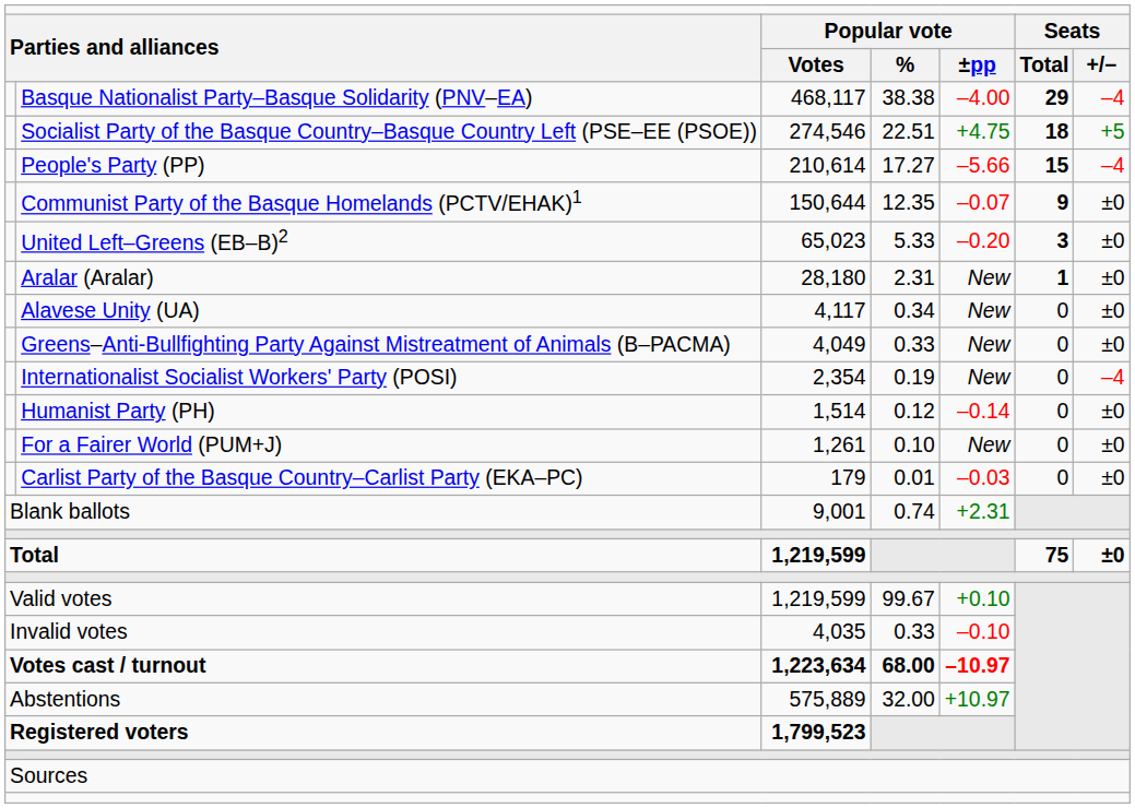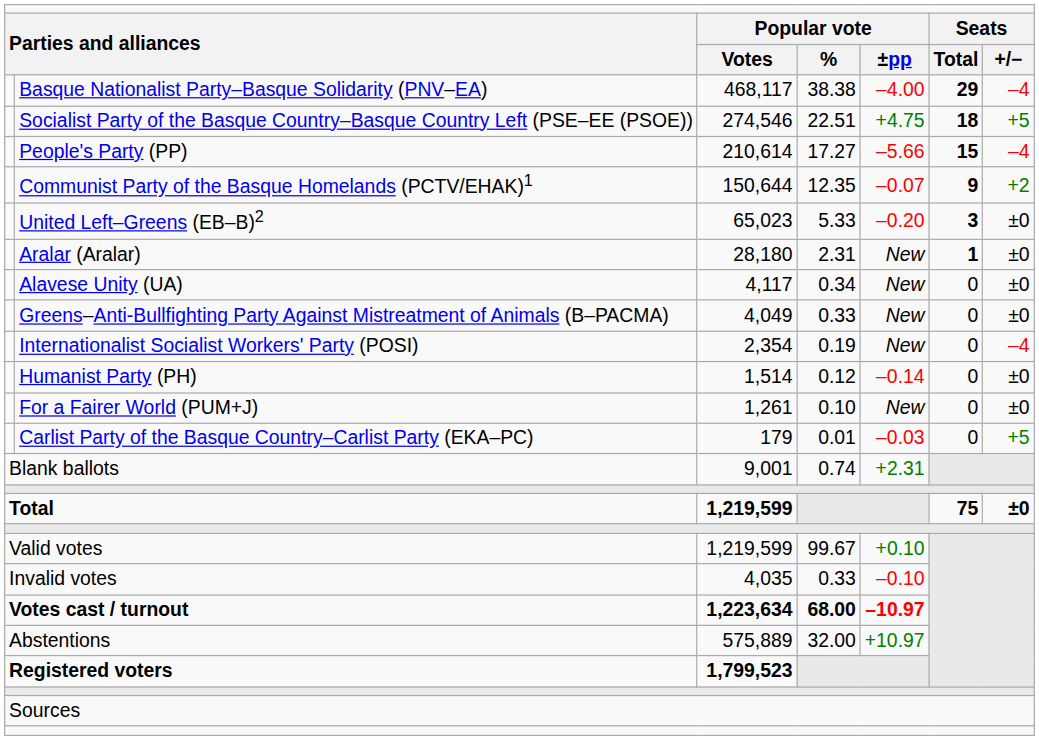 <table class="wikitable" style="text-align:right;">
 <tr>
 <td colspan="7"></td>
 </tr>
 <tr>
 <th style="text-align:left;" rowspan="2" colspan="2" width="525">Parties and alliances</th>
 <th colspan="3">Popular vote</th>
 <th colspan="2">Seats</th>
 </tr>
 <tr>
 <th width="75">Votes</th>
 <th width="45">%</th>
 <th width="45">±<a href='#'>pp</a></th>
 <th width="35">Total</th>
 <th width="35">+/−</th>
 </tr>
 <tr>
 <td width="1" style="color:inherit;background:"></td>
 <td align="left"><a href='#'>Basque Nationalist Party–Basque Solidarity</a> (<a href='#'>PNV</a>–<a href='#'>EA</a>)</td>
 <td>468,117</td>
 <td>38.38</td>
 <td style="color:red;">–4.00</td>
 <td><strong>29</strong></td>
 <td style="color:red;">–4</td>
 </tr>
 <tr>
 <td style="color:inherit;background:"></td>
 <td align="left"><a href='#'>Socialist Party of the Basque Country–Basque Country Left</a> (PSE–EE (PSOE))</td>
 <td>274,546</td>
 <td>22.51</td>
 <td style="color:green;">+4.75</td>
 <td><strong>18</strong></td>
 <td style="color:green;">+5</td>
 </tr>
 <tr>
 <td style="color:inherit;background:"></td>
 <td align="left"><a href='#'>People's Party</a> (PP)</td>
 <td>210,614</td>
 <td>17.27</td>
 <td style="color:red;">–5.66</td>
 <td><strong>15</strong></td>
 <td style="color:red;">–4</td>
 </tr>
 <tr>
 <td style="color:inherit;background:"></td>
 <td align="left"><a href='#'>Communist Party of the Basque Homelands</a> (PCTV/EHAK)<sup>1</sup></td>
 <td>150,644</td>
 <td>12.35</td>
 <td style="color:red;">–0.07</td>
 <td><strong>9</strong></td>
-<td>±0</td>
+<td style="color:green;">+2</td>
 </tr>
 <tr>
 <td style="color:inherit;background:"></td>
 <td align="left"><a href='#'>United Left–Greens</a> (EB–B)<sup>2</sup></td>
 <td>65,023</td>
 <td>5.33</td>
 <td style="color:red;">–0.20</td>
 <td><strong>3</strong></td>
 <td>±0</td>
 </tr>
 <tr>
 <td style="color:inherit;background:"></td>
 <td align="left"><a href='#'>Aralar</a> (Aralar)</td>
 <td>28,180</td>
 <td>2.31</td>
 <td><em>New</em></td>
 <td><strong>1</strong></td>
 <td>±0</td>
 </tr>
 <tr>
 <td style="color:inherit;background:"></td>
 <td align="left"><a href='#'>Alavese Unity</a> (UA)</td>
 <td>4,117</td>
 <td>0.34</td>
 <td><em>New</em></td>
 <td>0</td>
 <td>±0</td>
 </tr>
 <tr>
 <td style="color:inherit;background:"></td>
 <td align="left"><a href='#'>Greens</a>–<a href='#'>Anti-Bullfighting Party Against Mistreatment of Animals</a> (B–PACMA)</td>
 <td>4,049</td>
 <td>0.33</td>
 <td><em>New</em></td>
 <td>0</td>
 <td>±0</td>
 </tr>
 <tr>
 <td style="color:inherit;background:"></td>
 <td align="left"><a href='#'>Internationalist Socialist Workers' Party</a> (POSI)</td>
 <td>2,354</td>
 <td>0.19</td>
 <td><em>New</em></td>
 <td>0</td>
 <td style="color:red;">–4</td>
 </tr>
 <tr>
 <td style="color:inherit;background:"></td>
 <td align="left"><a href='#'>Humanist Party</a> (PH)</td>
 <td>1,514</td>
 <td>0.12</td>
 <td style="color:red;">–0.14</td>
 <td>0</td>
 <td>±0</td>
 </tr>
 <tr>
 <td style="color:inherit;background:"></td>
 <td align="left"><a href='#'>For a Fairer World</a> (PUM+J)</td>
 <td>1,261</td>
 <td>0.10</td>
 <td><em>New</em></td>
 <td>0</td>
 <td>±0</td>
 </tr>
 <tr>
 <td style="color:inherit;background:"></td>
 <td align="left"><a href='#'>Carlist Party of the Basque Country–Carlist Party</a> (EKA–PC)</td>
 <td>179</td>
 <td>0.01</td>
 <td style="color:red;">–0.03</td>
 <td>0</td>
-<td>±0</td>
+<td style="color:green;">+5</td>
 </tr>
 <tr>
 <td align="left" colspan="2">Blank ballots</td>
 <td>9,001</td>
 <td>0.74</td>
 <td style="color:green;">+2.31</td>
 <td bgcolor="#E9E9E9" colspan="2"></td>
 </tr>
 <tr>
 <td colspan="7" bgcolor="#E9E9E9"></td>
 </tr>
 <tr style="font-weight:bold;">
 <td align="left" colspan="2">Total</td>
 <td>1,219,599</td>
 <td bgcolor="#E9E9E9" colspan="2"></td>
 <td>75</td>
 <td>±0</td>
 </tr>
 <tr>
 <td colspan="7" bgcolor="#E9E9E9"></td>
 </tr>
 <tr>
 <td align="left" colspan="2">Valid votes</td>
 <td>1,219,599</td>
 <td>99.67</td>
 <td style="color:green;">+0.10</td>
 <td bgcolor="#E9E9E9" colspan="2" rowspan="5"></td>
 </tr>
 <tr>
 <td align="left" colspan="2">Invalid votes</td>
 <td>4,035</td>
 <td>0.33</td>
 <td style="color:red;">–0.10</td>
 </tr>
 <tr style="font-weight:bold;">
 <td align="left" colspan="2">Votes cast / turnout</td>
 <td>1,223,634</td>
 <td>68.00</td>
 <td style="color:red;">–10.97</td>
 </tr>
 <tr>
 <td align="left" colspan="2">Abstentions</td>
 <td>575,889</td>
 <td>32.00</td>
 <td style="color:green;">+10.97</td>
 </tr>
 <tr style="font-weight:bold;">
 <td align="left" colspan="2">Registered voters</td>
 <td>1,799,523</td>
 <td bgcolor="#E9E9E9" colspan="2"></td>
 </tr>
 <tr>
 <td colspan="7" bgcolor="#E9E9E9"></td>
 </tr>
 <tr>
 <td align="left" colspan="7">Sources</td>
 </tr>
 <tr>
 <td colspan="7" style="text-align:left; max-width:790px;"></td>
 </tr>
 </table>
